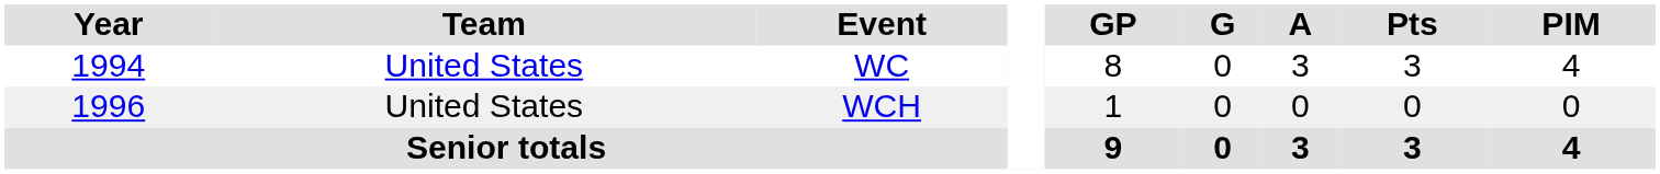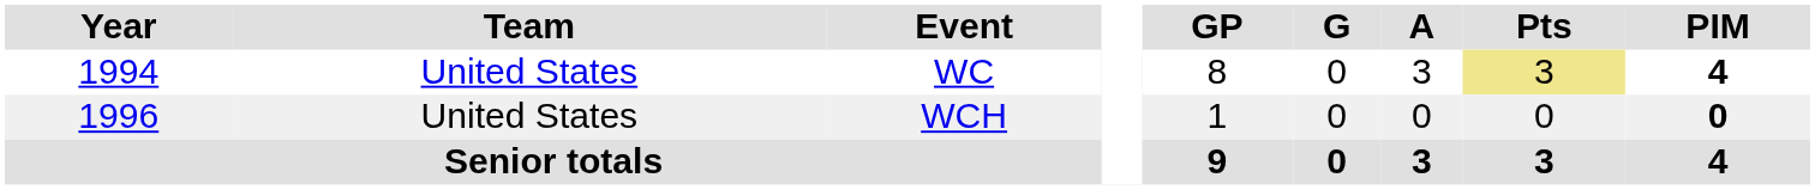 <table border="0" cellpadding="1" cellspacing="0" style="text-align:center; width:50em">
 <tr ALIGN="center" bgcolor="#e0e0e0">
 <th>Year</th>
 <th>Team</th>
 <th>Event</th>
 <th ALIGN="center" rowspan="99" bgcolor="#ffffff"> </th>
 <th>GP</th>
 <th>G</th>
 <th>A</th>
 <th>Pts</th>
 <th>PIM</th>
 </tr>
 <tr>
 <td><a href='#'>1994</a></td>
 <td><a href='#'>United States</a></td>
 <td><a href='#'>WC</a></td>
 <td>8</td>
 <td>0</td>
 <td>3</td>
-<td>3</td>
-<td>4</td>
+<td style="background: khaki;">3</td>
+<td><strong>4</strong></td>
 </tr>
 <tr bgcolor="#f0f0f0">
 <td><a href='#'>1996</a></td>
 <td>United States</td>
 <td><a href='#'>WCH</a></td>
 <td>1</td>
 <td>0</td>
 <td>0</td>
 <td>0</td>
-<td>0</td>
+<td><strong>0</strong></td>
 </tr>
 <tr bgcolor="#e0e0e0">
 <th colspan=3>Senior totals</th>
 <th>9</th>
 <th>0</th>
 <th>3</th>
 <th>3</th>
 <th>4</th>
 </tr>
 </table>
